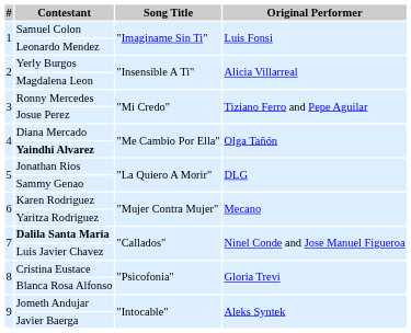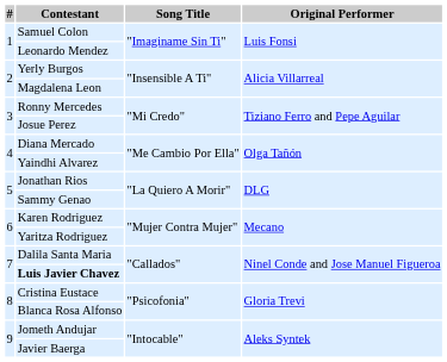 <table cellpadding=2 cellspacing=2>
 <tr bgcolor=#cccccc>
 <th>#</th>
 <th>Contestant</th>
 <th>Song Title</th>
 <th>Original Performer</th>
 </tr>
 <tr bgcolor=#DDEEFF>
 <td rowspan="2" align=center>1</td>
 <td>Samuel Colon</td>
 <td rowspan="2">"<a href='#'>Imaginame Sin Ti</a>"</td>
 <td rowspan="2"><a href='#'>Luis Fonsi</a></td>
 </tr>
 <tr bgcolor=#DDEEFF>
 <td>Leonardo Mendez</td>
 </tr>
 <tr bgcolor=#DDEEFF>
 <td rowspan="2" align=center>2</td>
 <td>Yerly Burgos</td>
 <td rowspan="2">"Insensible A Ti"</td>
 <td rowspan="2"><a href='#'>Alicia Villarreal</a></td>
 </tr>
 <tr bgcolor=#DDEEFF>
 <td>Magdalena Leon</td>
 </tr>
 <tr bgcolor=#DDEEFF>
 <td rowspan="2" align=center>3</td>
 <td>Ronny Mercedes</td>
 <td rowspan="2">"Mi Credo"</td>
 <td rowspan="2"><a href='#'>Tiziano Ferro</a> and <a href='#'>Pepe Aguilar</a></td>
 </tr>
 <tr bgcolor=#DDEEFF>
 <td>Josue Perez</td>
 </tr>
 <tr bgcolor=#DDEEFF>
 <td rowspan="2" align=center>4</td>
 <td>Diana Mercado</td>
 <td rowspan="2">"Me Cambio Por Ella"</td>
 <td rowspan="2"><a href='#'>Olga Tañón</a></td>
 </tr>
 <tr bgcolor=#DDEEFF>
-<td><strong>Yaindhi Alvarez</strong></td>
+<td>Yaindhi Alvarez</td>
 </tr>
 <tr bgcolor=#DDEEFF>
 <td rowspan="2" align=center>5</td>
 <td>Jonathan Rios</td>
 <td rowspan="2">"La Quiero A Morir"</td>
 <td rowspan="2"><a href='#'>DLG</a></td>
 </tr>
 <tr bgcolor=#DDEEFF>
 <td>Sammy Genao</td>
 </tr>
 <tr bgcolor=#DDEEFF>
 <td rowspan="2" align=center>6</td>
 <td>Karen Rodriguez</td>
 <td rowspan="2">"Mujer Contra Mujer"</td>
 <td rowspan="2"><a href='#'>Mecano</a></td>
 </tr>
 <tr bgcolor=#DDEEFF>
 <td>Yaritza Rodriguez</td>
 </tr>
 <tr bgcolor=#DDEEFF>
 <td rowspan="2" align=center>7</td>
-<td><strong>Dalila Santa Maria</strong></td>
+<td>Dalila Santa Maria</td>
 <td rowspan="2">"Callados"</td>
 <td rowspan="2"><a href='#'>Ninel Conde</a> and <a href='#'>Jose Manuel Figueroa</a></td>
 </tr>
 <tr bgcolor=#DDEEFF>
-<td>Luis Javier Chavez</td>
+<td><strong>Luis Javier Chavez</strong></td>
 </tr>
 <tr bgcolor=#DDEEFF>
 <td rowspan="2" align=center>8</td>
 <td>Cristina Eustace</td>
 <td rowspan="2">"Psicofonia"</td>
 <td rowspan="2"><a href='#'>Gloria Trevi</a></td>
 </tr>
 <tr bgcolor=#DDEEFF>
 <td>Blanca Rosa Alfonso</td>
 </tr>
 <tr bgcolor=#DDEEFF>
 <td rowspan="2" align=center>9</td>
 <td>Jometh Andujar</td>
 <td rowspan="2">"Intocable"</td>
 <td rowspan="2"><a href='#'>Aleks Syntek</a></td>
 </tr>
 <tr bgcolor=#DDEEFF>
 <td>Javier Baerga</td>
 </tr>
 <tr bgcolor=#DDEEFF>
 </tr>
 </table>
